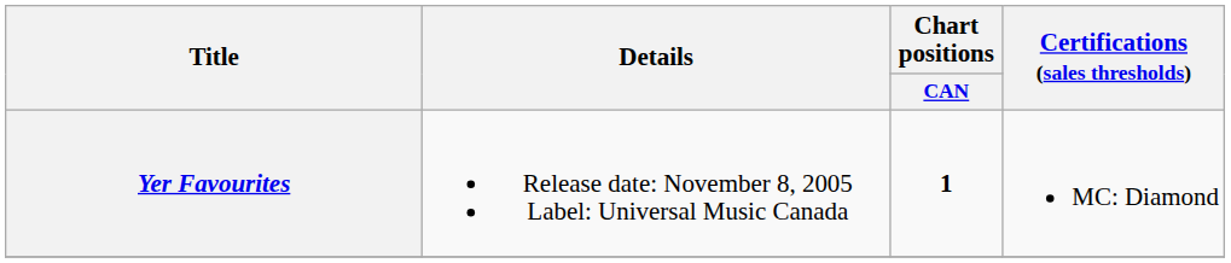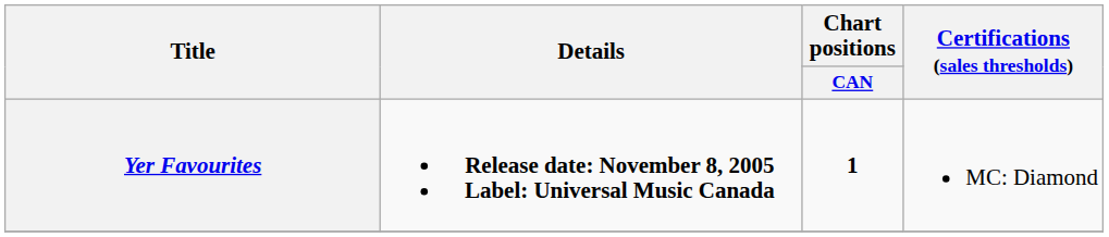 <table class="wikitable plainrowheaders" style="text-align:center;">
 <tr>
 <th rowspan="2" style="width:16em;">Title</th>
 <th rowspan="2" style="width:18em;">Details</th>
 <th colspan="1">Chart<br>positions</th>
 <th rowspan="2"><a href='#'>Certifications</a><br><small>(<a href='#'>sales thresholds</a>)</small></th>
 </tr>
 <tr style="font-size:smaller;">
 <th width="65"><a href='#'>CAN</a><br></th>
 </tr>
 <tr>
 <th scope="row"><em><a href='#'>Yer Favourites</a></em></th>
-<td><br><ul><li>Release date: November 8, 2005</li><li>Label: Universal Music Canada</li></ul></td>
+<td><strong><br><ul><li>Release date: November 8, 2005</li><li>Label: Universal Music Canada</li></ul></strong></td>
 <td><strong>1</strong></td>
 <td><br><ul><li>MC: Diamond</li></ul></td>
 </tr>
 <tr>
 </tr>
 </table>
